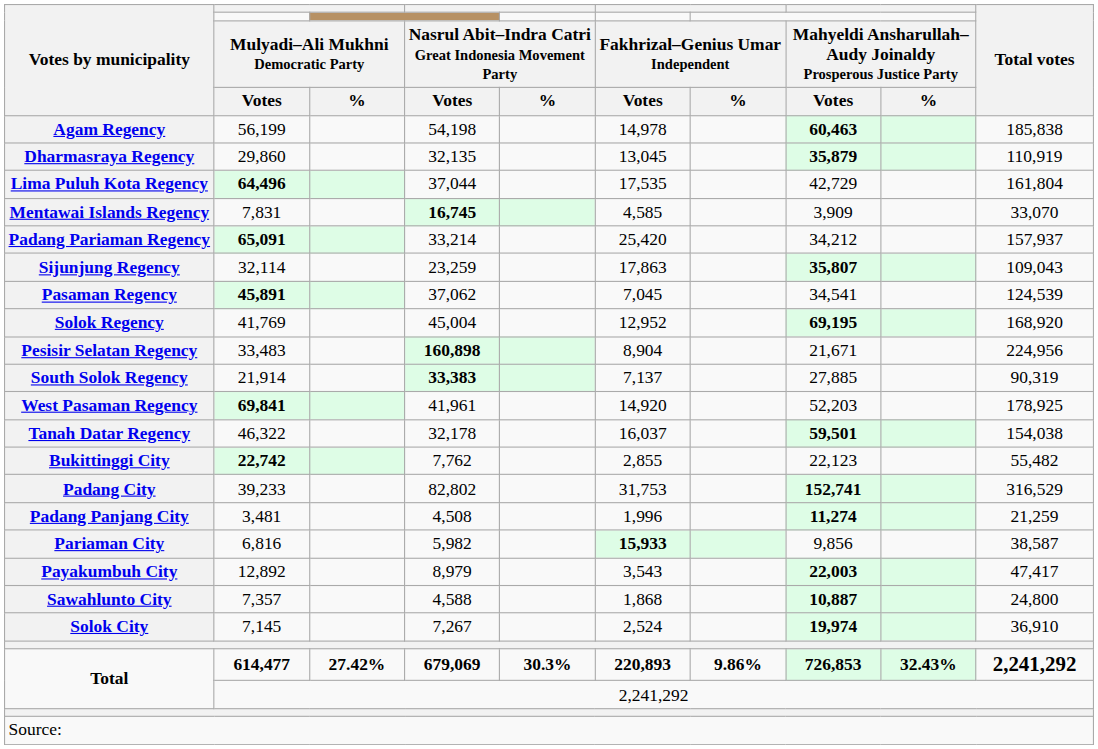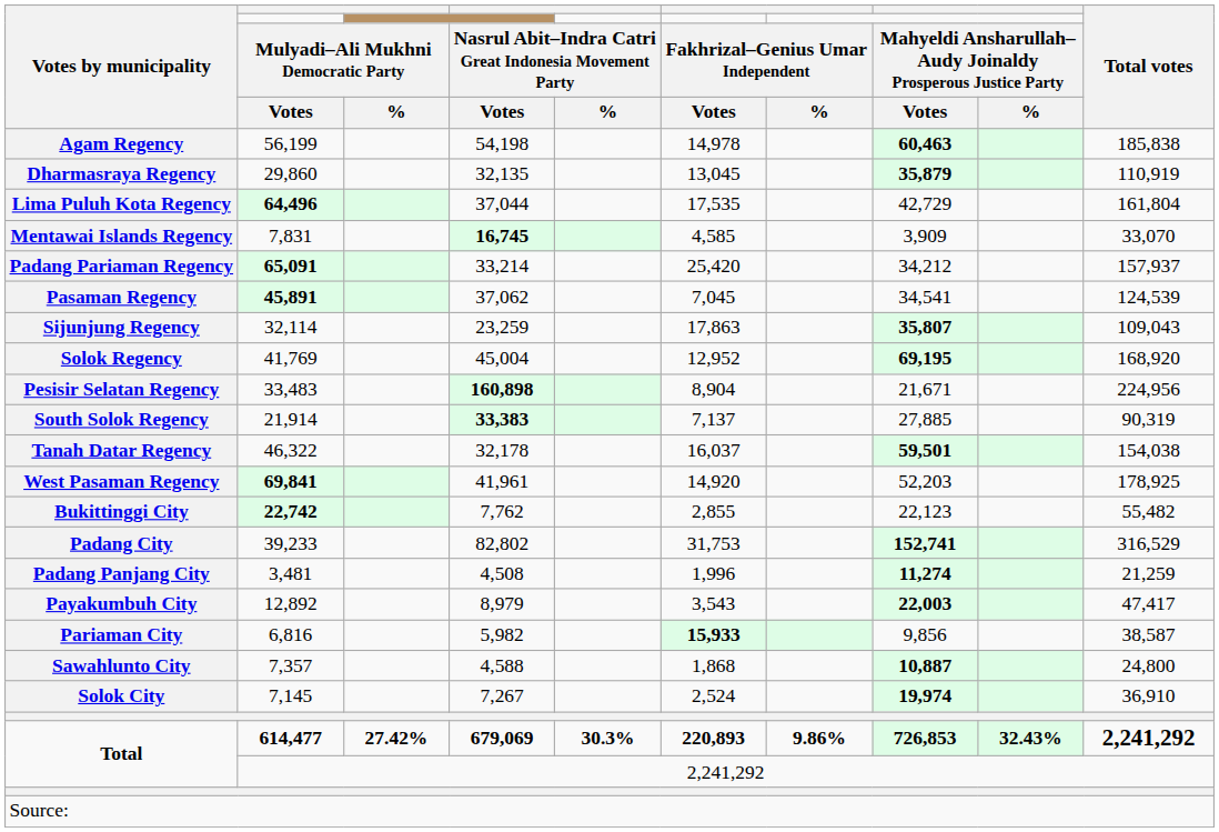 <table class="wikitable">
 <tr>
 <th style="text-align:center;" rowspan="4">Votes by municipality</th>
 <th colspan="2"></th>
 <th colspan="2"></th>
 <th colspan="2"></th>
 <th colspan="2"></th>
 <th style="text-align:center;" width=100px rowspan="4">Total votes</th>
 </tr>
 <tr>
 <td style="background:"></td>
 <td style="background:#B79164" colspan="2"></td>
 <td style="background:"></td>
 <td style="background:"></td>
 </tr>
 <tr>
 <th style="text-align:center;" colspan="2"><strong>Mulyadi–Ali Mukhni</strong><br><small>Democratic Party</small></th>
 <th style="text-align:center;" colspan="2"><strong>Nasrul Abit–Indra Catri</strong><br><small>Great Indonesia Movement Party</small></th>
 <th style="text-align:center;" colspan="2"><strong>Fakhrizal–Genius Umar</strong><br><small>Independent</small></th>
 <th style="text-align:center;" colspan="2"><strong>Mahyeldi Ansharullah–Audy Joinaldy</strong><br><small>Prosperous Justice Party</small></th>
 </tr>
 <tr>
 <th width=80px style="text-align:center;">Votes</th>
 <th width=80px style="text-align:center;">%</th>
 <th width=80px style="text-align:center;">Votes</th>
 <th width=80px style="text-align:center;">%</th>
 <th width=80px style="text-align:center;">Votes</th>
 <th width=80px style="text-align:center;">%</th>
 <th width=80px style="text-align:center;">Votes</th>
 <th width=80px style="text-align:center;">%</th>
 </tr>
 <tr>
 <th style="text-align:center;"><a href='#'>Agam Regency</a></th>
 <td style="text-align:center;">56,199</td>
 <td style="text-align:center;"></td>
 <td style="text-align:center;">54,198</td>
 <td style="text-align:center;"></td>
 <td style="text-align:center;">14,978</td>
 <td style="text-align:center;"></td>
 <td style="background:#DEFDE6; text-align:center;"><strong>60,463</strong></td>
 <td style="background:#DEFDE6; text-align:center;"><strong></strong></td>
 <td style="text-align:center;">185,838</td>
 </tr>
 <tr>
 <th style="text-align:center;"><a href='#'>Dharmasraya Regency</a></th>
 <td style="text-align:center;">29,860</td>
 <td style="text-align:center;"></td>
 <td style="text-align:center;">32,135</td>
 <td style="text-align:center;"></td>
 <td style="text-align:center;">13,045</td>
 <td style="text-align:center;"></td>
 <td style="background:#DEFDE6; text-align:center;"><strong>35,879</strong></td>
 <td style="background:#DEFDE6; text-align:center;"><strong></strong></td>
 <td style="text-align:center;">110,919</td>
 </tr>
 <tr>
 <th style="text-align:center;"><a href='#'>Lima Puluh Kota Regency</a></th>
 <td style="background:#DEFDE6; text-align:center;"><strong>64,496</strong></td>
 <td style="background:#DEFDE6; text-align:center;"><strong></strong></td>
 <td style="text-align:center;">37,044</td>
 <td style="text-align:center;"></td>
 <td style="text-align:center;">17,535</td>
 <td style="text-align:center;"></td>
 <td style="text-align:center;">42,729</td>
 <td style="text-align:center;"></td>
 <td style="text-align:center;">161,804</td>
 </tr>
 <tr>
 <th style="text-align:center;"><a href='#'>Mentawai Islands Regency</a></th>
 <td style="text-align:center;">7,831</td>
 <td style="text-align:center;"></td>
 <td style="background:#DEFDE6; text-align:center;"><strong>16,745</strong></td>
 <td style="background:#DEFDE6; text-align:center;"><strong></strong></td>
 <td style="text-align:center;">4,585</td>
 <td style="text-align:center;"></td>
 <td style="text-align:center;">3,909</td>
 <td style="text-align:center;"></td>
 <td style="text-align:center;">33,070</td>
 </tr>
 <tr>
 <th style="text-align:center;"><a href='#'>Padang Pariaman Regency</a></th>
 <td style="background:#DEFDE6; text-align:center;"><strong>65,091</strong></td>
 <td style="background:#DEFDE6; text-align:center;"><strong></strong></td>
 <td style="text-align:center;">33,214</td>
 <td style="text-align:center;"></td>
 <td style="text-align:center;">25,420</td>
 <td style="text-align:center;"></td>
 <td style="text-align:center;">34,212</td>
 <td style="text-align:center;"></td>
 <td style="text-align:center;">157,937</td>
 </tr>
 <tr>
+<th style="text-align:center;"><a href='#'>Pasaman Regency</a></th>
+<td style="background:#DEFDE6; text-align:center;"><strong>45,891</strong></td>
+<td style="background:#DEFDE6; text-align:center;"><strong></strong></td>
+<td style="text-align:center;">37,062</td>
+<td style="text-align:center;"></td>
+<td style="text-align:center;">7,045</td>
+<td style="text-align:center;"></td>
+<td style="text-align:center;">34,541</td>
+<td style="text-align:center;"></td>
+<td style="text-align:center;">124,539</td>
+</tr>
+<tr>
 <th style="text-align:center;"><a href='#'>Sijunjung Regency</a></th>
 <td style="text-align:center;">32,114</td>
 <td style="text-align:center;"></td>
 <td style="text-align:center;">23,259</td>
 <td style="text-align:center;"></td>
 <td style="text-align:center;">17,863</td>
 <td style="text-align:center;"></td>
 <td style="background:#DEFDE6; text-align:center;"><strong>35,807</strong></td>
 <td style="background:#DEFDE6; text-align:center;"><strong></strong></td>
 <td style="text-align:center;">109,043</td>
-</tr>
-<tr>
-<th style="text-align:center;"><a href='#'>Pasaman Regency</a></th>
-<td style="background:#DEFDE6; text-align:center;"><strong>45,891</strong></td>
-<td style="background:#DEFDE6; text-align:center;"><strong></strong></td>
-<td style="text-align:center;">37,062</td>
-<td style="text-align:center;"></td>
-<td style="text-align:center;">7,045</td>
-<td style="text-align:center;"></td>
-<td style="text-align:center;">34,541</td>
-<td style="text-align:center;"></td>
-<td style="text-align:center;">124,539</td>
 </tr>
 <tr>
 <th style="text-align:center;"><a href='#'>Solok Regency</a></th>
 <td style="text-align:center;">41,769</td>
 <td style="text-align:center;"></td>
 <td style="text-align:center;">45,004</td>
 <td style="text-align:center;"></td>
 <td style="text-align:center;">12,952</td>
 <td style="text-align:center;"></td>
 <td style="background:#DEFDE6; text-align:center;"><strong>69,195</strong></td>
 <td style="background:#DEFDE6; text-align:center;"><strong></strong></td>
 <td style="text-align:center;">168,920</td>
 </tr>
 <tr>
 <th style="text-align:center;"><a href='#'>Pesisir Selatan Regency</a></th>
 <td style="text-align:center;">33,483</td>
 <td style="text-align:center;"></td>
 <td style="background:#DEFDE6; text-align:center;"><strong>160,898</strong></td>
 <td style="background:#DEFDE6; text-align:center;"><strong></strong></td>
 <td style="text-align:center;">8,904</td>
 <td style="text-align:center;"></td>
 <td style="text-align:center;">21,671</td>
 <td style="text-align:center;"></td>
 <td style="text-align:center;">224,956</td>
 </tr>
 <tr>
 <th style="text-align:center;"><a href='#'>South Solok Regency</a></th>
 <td style="text-align:center;">21,914</td>
 <td style="text-align:center;"></td>
 <td style="background:#DEFDE6; text-align:center;"><strong>33,383</strong></td>
 <td style="background:#DEFDE6; text-align:center;"><strong></strong></td>
 <td style="text-align:center;">7,137</td>
 <td style="text-align:center;"></td>
 <td style="text-align:center;">27,885</td>
 <td style="text-align:center;"></td>
 <td style="text-align:center;">90,319</td>
 </tr>
 <tr>
+<th style="text-align:center;"><a href='#'>Tanah Datar Regency</a></th>
+<td style="text-align:center;">46,322</td>
+<td style="text-align:center;"></td>
+<td style="text-align:center;">32,178</td>
+<td style="text-align:center;"></td>
+<td style="text-align:center;">16,037</td>
+<td style="text-align:center;"></td>
+<td style="background:#DEFDE6; text-align:center;"><strong>59,501</strong></td>
+<td style="background:#DEFDE6; text-align:center;"><strong></strong></td>
+<td style="text-align:center;">154,038</td>
+</tr>
+<tr>
 <th style="text-align:center;"><a href='#'>West Pasaman Regency</a></th>
 <td style="background:#DEFDE6; text-align:center;"><strong>69,841</strong></td>
 <td style="background:#DEFDE6; text-align:center;"><strong></strong></td>
 <td style="text-align:center;">41,961</td>
 <td style="text-align:center;"></td>
 <td style="text-align:center;">14,920</td>
 <td style="text-align:center;"></td>
 <td style="text-align:center;">52,203</td>
 <td style="text-align:center;"></td>
 <td style="text-align:center;">178,925</td>
-</tr>
-<tr>
-<th style="text-align:center;"><a href='#'>Tanah Datar Regency</a></th>
-<td style="text-align:center;">46,322</td>
-<td style="text-align:center;"></td>
-<td style="text-align:center;">32,178</td>
-<td style="text-align:center;"></td>
-<td style="text-align:center;">16,037</td>
-<td style="text-align:center;"></td>
-<td style="background:#DEFDE6; text-align:center;"><strong>59,501</strong></td>
-<td style="background:#DEFDE6; text-align:center;"><strong></strong></td>
-<td style="text-align:center;">154,038</td>
 </tr>
 <tr>
 <th style="text-align:center;"><a href='#'>Bukittinggi City</a></th>
 <td style="background:#DEFDE6; text-align:center;"><strong>22,742</strong></td>
 <td style="background:#DEFDE6; text-align:center;"><strong></strong></td>
 <td style="text-align:center;">7,762</td>
 <td style="text-align:center;"></td>
 <td style="text-align:center;">2,855</td>
 <td style="text-align:center;"></td>
 <td style="text-align:center;">22,123</td>
 <td style="text-align:center;"></td>
 <td style="text-align:center;">55,482</td>
 </tr>
 <tr>
 <th style="text-align:center;"><a href='#'>Padang City</a></th>
 <td style="text-align:center;">39,233</td>
 <td style="text-align:center;"></td>
 <td style="text-align:center;">82,802</td>
 <td style="text-align:center;"></td>
 <td style="text-align:center;">31,753</td>
 <td style="text-align:center;"></td>
 <td style="background:#DEFDE6; text-align:center;"><strong>152,741</strong></td>
 <td style="background:#DEFDE6; text-align:center;"><strong></strong></td>
 <td style="text-align:center;">316,529</td>
 </tr>
 <tr>
 <th style="text-align:center;"><a href='#'>Padang Panjang City</a></th>
 <td style="text-align:center;">3,481</td>
 <td style="text-align:center;"></td>
 <td style="text-align:center;">4,508</td>
 <td style="text-align:center;"></td>
 <td style="text-align:center;">1,996</td>
 <td style="text-align:center;"></td>
 <td style="background:#DEFDE6; text-align:center;"><strong>11,274</strong></td>
 <td style="background:#DEFDE6; text-align:center;"><strong></strong></td>
 <td style="text-align:center;">21,259</td>
 </tr>
 <tr>
+<th style="text-align:center;"><a href='#'>Payakumbuh City</a></th>
+<td style="text-align:center;">12,892</td>
+<td style="text-align:center;"></td>
+<td style="text-align:center;">8,979</td>
+<td style="text-align:center;"></td>
+<td style="text-align:center;">3,543</td>
+<td style="text-align:center;"></td>
+<td style="background:#DEFDE6; text-align:center;"><strong>22,003</strong></td>
+<td style="background:#DEFDE6; text-align:center;"><strong></strong></td>
+<td style="text-align:center;">47,417</td>
+</tr>
+<tr>
 <th style="text-align:center;"><a href='#'>Pariaman City</a></th>
 <td style="text-align:center;">6,816</td>
 <td style="text-align:center;"></td>
 <td style="text-align:center;">5,982</td>
 <td style="text-align:center;"></td>
 <td style="background:#DEFDE6; text-align:center;"><strong>15,933</strong></td>
 <td style="background:#DEFDE6; text-align:center;"><strong></strong></td>
 <td style="text-align:center;">9,856</td>
 <td style="text-align:center;"></td>
 <td style="text-align:center;">38,587</td>
-</tr>
-<tr>
-<th style="text-align:center;"><a href='#'>Payakumbuh City</a></th>
-<td style="text-align:center;">12,892</td>
-<td style="text-align:center;"></td>
-<td style="text-align:center;">8,979</td>
-<td style="text-align:center;"></td>
-<td style="text-align:center;">3,543</td>
-<td style="text-align:center;"></td>
-<td style="background:#DEFDE6; text-align:center;"><strong>22,003</strong></td>
-<td style="background:#DEFDE6; text-align:center;"><strong></strong></td>
-<td style="text-align:center;">47,417</td>
 </tr>
 <tr>
 <th style="text-align:center;"><a href='#'>Sawahlunto City</a></th>
 <td style="text-align:center;">7,357</td>
 <td style="text-align:center;"></td>
 <td style="text-align:center;">4,588</td>
 <td style="text-align:center;"></td>
 <td style="text-align:center;">1,868</td>
 <td style="text-align:center;"></td>
 <td style="background:#DEFDE6; text-align:center;"><strong>10,887</strong></td>
 <td style="background:#DEFDE6; text-align:center;"><strong></strong></td>
 <td style="text-align:center;">24,800</td>
 </tr>
 <tr>
 <th style="text-align:center;"><a href='#'>Solok City</a></th>
 <td style="text-align:center;">7,145</td>
 <td style="text-align:center;"></td>
 <td style="text-align:center;">7,267</td>
 <td style="text-align:center;"></td>
 <td style="text-align:center;">2,524</td>
 <td style="text-align:center;"></td>
 <td style="background:#DEFDE6; text-align:center;"><strong>19,974</strong></td>
 <td style="background:#DEFDE6; text-align:center;"><strong></strong></td>
 <td style="text-align:center;">36,910</td>
 </tr>
 <tr>
 <th colspan="10"></th>
 </tr>
 <tr>
 <td style="text-align:center" rowspan="2"><strong>Total</strong></td>
 <td style="text-align:center;"><strong>614,477</strong></td>
 <td style="text-align:center;"><strong>27.42%</strong></td>
 <td style="text-align:center;"><strong>679,069</strong></td>
 <td style="text-align:center;"><strong>30.3%</strong></td>
 <td style="text-align:center;"><strong>220,893</strong></td>
 <td style="text-align:center;"><strong>9.86%</strong></td>
 <td style="background:#DEFDE6; text-align:center;"><strong>726,853</strong></td>
 <td style="background:#DEFDE6; text-align:center;"><strong>32.43%</strong></td>
 <td style="text-align:center;"><big><strong>2,241,292</strong></big></td>
 </tr>
 <tr>
 <td colspan="9" style="text-align:center">2,241,292</td>
 </tr>
 <tr>
 <th colspan="10"></th>
 </tr>
 <tr>
 <td colspan="10">Source: </td>
 </tr>
 </table>
